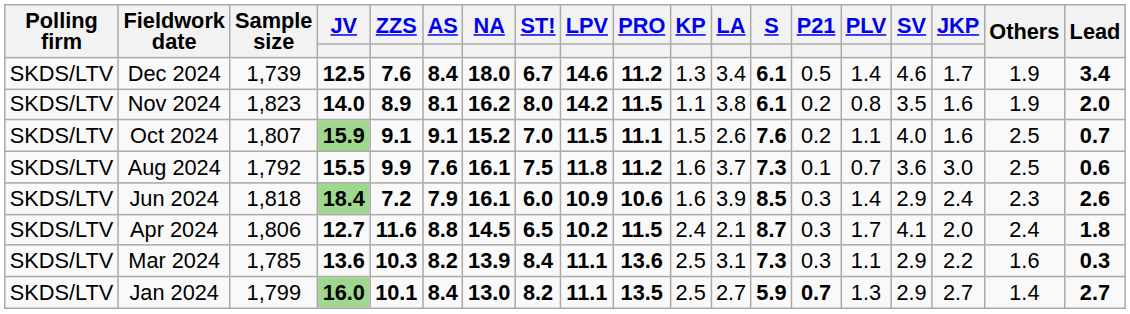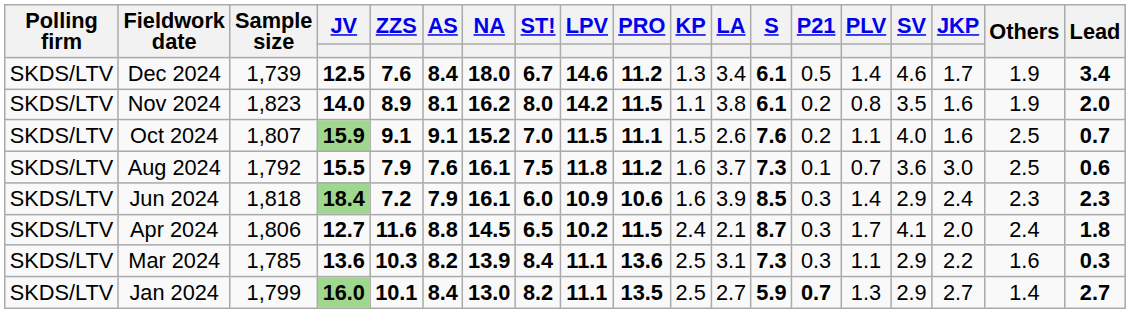 <table class="wikitable sortable mw-datatable" style="text-align:center;font-size:90%;line-height:14px;">
 <tr>
 <th rowspan="2">Polling firm</th>
 <th rowspan="2" class="unsortable">Fieldwork date</th>
 <th rowspan="2" class="unsortable">Sample<br>size</th>
 <th class="unsortable" style="width:50px;"><a href='#'>JV</a></th>
 <th class="unsortable" style="width:50px;"><a href='#'>ZZS</a></th>
 <th class="unsortable" style="width:50px;"><a href='#'>AS</a></th>
 <th class="unsortable" style="width:50px;"><a href='#'>NA</a></th>
 <th class="unsortable" style="width:50px;"><a href='#'>ST!</a></th>
 <th class="unsortable" style="width:50px;"><a href='#'>LPV</a></th>
 <th class="unsortable" style="width:50px;"><a href='#'>PRO</a></th>
 <th class="unsortable" style="width:50px;"><a href='#'>KP</a></th>
 <th class="unsortable" style="width:50px;"><a href='#'>LA</a></th>
 <th class="unsortable" style="width:50px;"><a href='#'>S</a></th>
 <th class="unsortable" style="width:50px;"><a href='#'>P21</a></th>
 <th class="unsortable" style="width:50px;"><a href='#'>PLV</a></th>
 <th class="unsortable" style="width:50px;"><a href='#'>SV</a></th>
 <th class="unsortable" style="width:50px;"><a href='#'>JKP</a></th>
 <th rowspan="2" class="unsortable" style="width:30px;">Others</th>
 <th rowspan="2" class="unsortable" style="width:30px;">Lead</th>
 </tr>
 <tr>
 <th data-sort-type="number" style="background:"></th>
 <th data-sort-type="number" style="background:"></th>
 <th data-sort-type="number" style="background:"></th>
 <th data-sort-type="number" style="background:"></th>
 <th data-sort-type="number" style="background:"></th>
 <th data-sort-type="number" style="background:"></th>
 <th data-sort-type="number" style="background:"></th>
 <th data-sort-type="number" style="background:"></th>
 <th data-sort-type="number" style="background:"></th>
 <th data-sort-type="number" style="background:"></th>
 <th data-sort-type="number" style="background:"></th>
 <th data-sort-type="number" style="background:"></th>
 <th data-sort-type="number" style="background:"></th>
 <th data-sort-type="number" style="background:"></th>
 </tr>
 <tr>
 <td>SKDS/LTV</td>
 <td>Dec 2024</td>
 <td>1,739</td>
 <td><strong>12.5</strong></td>
 <td><strong>7.6</strong></td>
 <td><strong>8.4</strong></td>
 <td style="background:"><strong>18.0</strong></td>
 <td><strong>6.7</strong></td>
 <td><strong>14.6</strong></td>
 <td><strong>11.2</strong></td>
 <td>1.3</td>
 <td>3.4</td>
 <td><strong>6.1</strong></td>
 <td>0.5</td>
 <td>1.4</td>
 <td>4.6</td>
 <td>1.7</td>
 <td>1.9</td>
 <td style="background:"><strong>3.4</strong></td>
 </tr>
 <tr>
 <td>SKDS/LTV</td>
 <td>Nov 2024</td>
 <td>1,823</td>
 <td><strong>14.0</strong></td>
 <td><strong>8.9</strong></td>
 <td><strong>8.1</strong></td>
 <td style="background:"><strong>16.2</strong></td>
 <td><strong>8.0</strong></td>
 <td><strong>14.2</strong></td>
 <td><strong>11.5</strong></td>
 <td>1.1</td>
 <td>3.8</td>
 <td><strong>6.1</strong></td>
 <td>0.2</td>
 <td>0.8</td>
 <td>3.5</td>
 <td>1.6</td>
 <td>1.9</td>
 <td style="background:"><strong>2.0</strong></td>
 </tr>
 <tr>
 <td>SKDS/LTV</td>
 <td>Oct 2024</td>
 <td>1,807</td>
 <td style="background:#A0D78E"><strong>15.9</strong></td>
 <td><strong>9.1</strong></td>
 <td><strong>9.1</strong></td>
 <td><strong>15.2</strong></td>
 <td><strong>7.0</strong></td>
 <td><strong>11.5</strong></td>
 <td><strong>11.1</strong></td>
 <td>1.5</td>
 <td>2.6</td>
 <td><strong>7.6</strong></td>
 <td>0.2</td>
 <td>1.1</td>
 <td>4.0</td>
 <td>1.6</td>
 <td>2.5</td>
 <td style="background:"><strong>0.7</strong></td>
 </tr>
 <tr>
 <td>SKDS/LTV</td>
 <td>Aug 2024</td>
 <td>1,792</td>
 <td><strong>15.5</strong></td>
-<td><strong>9.9</strong></td>
+<td><strong>7.9</strong></td>
 <td><strong>7.6</strong></td>
 <td style="background:"><strong>16.1</strong></td>
 <td><strong>7.5</strong></td>
 <td><strong>11.8</strong></td>
 <td><strong>11.2</strong></td>
 <td>1.6</td>
 <td>3.7</td>
 <td><strong>7.3</strong></td>
 <td>0.1</td>
 <td>0.7</td>
 <td>3.6</td>
 <td>3.0</td>
 <td>2.5</td>
 <td style="background:"><strong>0.6</strong></td>
 </tr>
 <tr>
 <td>SKDS/LTV</td>
 <td>Jun 2024</td>
 <td>1,818</td>
 <td style="background:#A0D78E"><strong>18.4</strong></td>
 <td><strong>7.2</strong></td>
 <td><strong>7.9</strong></td>
 <td><strong>16.1</strong></td>
 <td><strong>6.0</strong></td>
 <td><strong>10.9</strong></td>
 <td><strong>10.6</strong></td>
 <td>1.6</td>
 <td>3.9</td>
 <td><strong>8.5</strong></td>
 <td>0.3</td>
 <td>1.4</td>
 <td>2.9</td>
 <td>2.4</td>
 <td>2.3</td>
-<td style="background:"><strong>2.6</strong></td>
+<td style="background:"><strong>2.3</strong></td>
 </tr>
 <tr>
 <td>SKDS/LTV</td>
 <td>Apr 2024</td>
 <td>1,806</td>
 <td><strong>12.7</strong></td>
 <td><strong>11.6</strong></td>
 <td><strong>8.8</strong></td>
 <td style="background:"><strong>14.5</strong></td>
 <td><strong>6.5</strong></td>
 <td><strong>10.2</strong></td>
 <td><strong>11.5</strong></td>
 <td>2.4</td>
 <td>2.1</td>
 <td><strong>8.7</strong></td>
 <td>0.3</td>
 <td>1.7</td>
 <td>4.1</td>
 <td>2.0</td>
 <td>2.4</td>
 <td style="background:"><strong>1.8</strong></td>
 </tr>
 <tr>
 <td>SKDS/LTV</td>
 <td>Mar 2024</td>
 <td>1,785</td>
 <td><strong>13.6</strong></td>
 <td><strong>10.3</strong></td>
 <td><strong>8.2</strong></td>
 <td style="background:"><strong>13.9</strong></td>
 <td><strong>8.4</strong></td>
 <td><strong>11.1</strong></td>
 <td><strong>13.6</strong></td>
 <td>2.5</td>
 <td>3.1</td>
 <td><strong>7.3</strong></td>
 <td>0.3</td>
 <td>1.1</td>
 <td>2.9</td>
 <td>2.2</td>
 <td>1.6</td>
 <td style="background:"><strong>0.3</strong></td>
 </tr>
 <tr>
 <td>SKDS/LTV</td>
 <td>Jan 2024</td>
 <td>1,799</td>
 <td style="background:#A0D78E"><strong>16.0</strong></td>
 <td><strong>10.1</strong></td>
 <td><strong>8.4</strong></td>
 <td><strong>13.0</strong></td>
 <td><strong>8.2</strong></td>
 <td><strong>11.1</strong></td>
 <td><strong>13.5</strong></td>
 <td>2.5</td>
 <td>2.7</td>
 <td><strong>5.9</strong></td>
 <td><strong>0.7</strong></td>
 <td>1.3</td>
 <td>2.9</td>
 <td>2.7</td>
 <td>1.4</td>
 <td style="background:"><strong>2.7</strong></td>
 </tr>
 </table>
